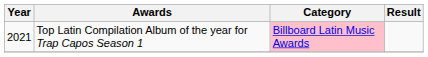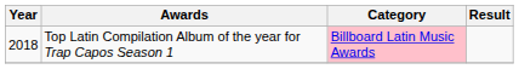 <table class="wikitable sortable">
 <tr>
 <th>Year</th>
 <th>Awards</th>
 <th>Category</th>
 <th>Result</th>
 </tr>
 <tr>
-<td>2021</td>
+<td>2018</td>
 <td>Top Latin Compilation Album of the year for <em>Trap Capos Season 1</em></td>
 <td style="background: pink;"><a href='#'>Billboard Latin Music Awards</a></td>
 <td></td>
 </tr>
 <tr>
 </tr>
 </table>
